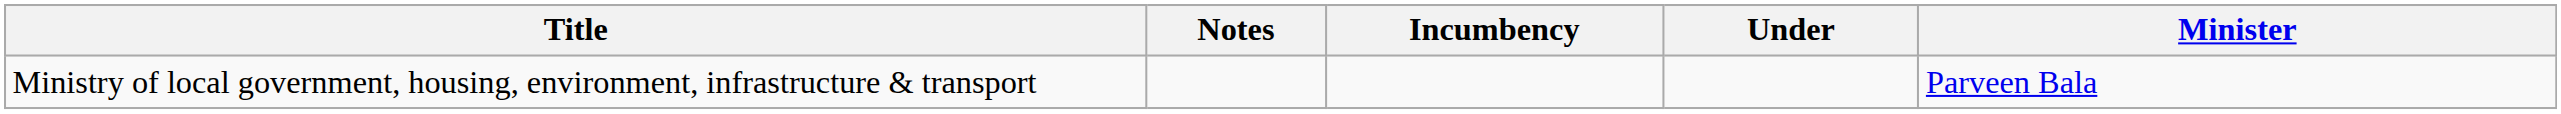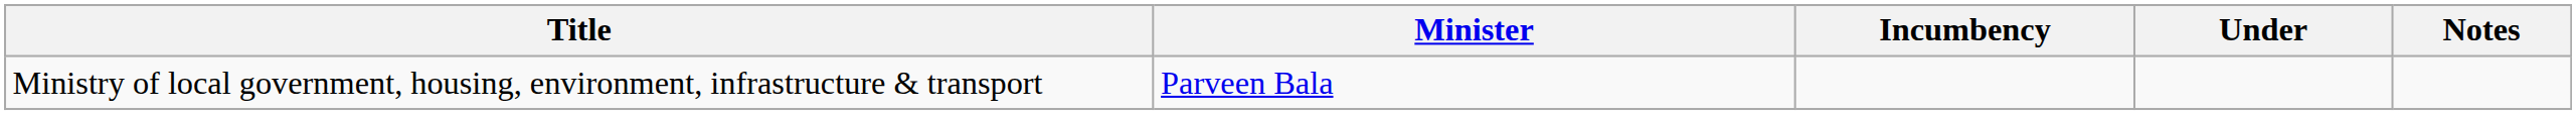 <table class="wikitable" style="width:100%;">
 <tr>
 <th>Title</th>
-<th style="width:7%;">Notes</th>
+<th style="width:25%;"><a href='#'>Minister</a></th>
 <th style="width:160px;">Incumbency</th>
 <th style="width:10%;">Under</th>
-<th style="width:25%;"><a href='#'>Minister</a></th>
+<th style="width:7%;">Notes</th>
 </tr>
 <tr>
 <td>Ministry of local government, housing, environment, infrastructure & transport</td>
+<td><a href='#'>Parveen Bala</a></td>
 <td></td>
 <td></td>
 <td></td>
-<td><a href='#'>Parveen Bala</a></td>
 </tr>
 </table>
